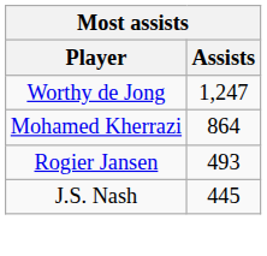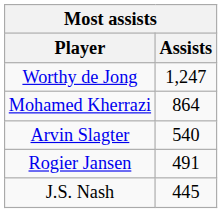 <table class="wikitable" style="text-align:center">
 <tr>
 <th colspan="2" style="text-align:center; ">Most assists</th>
 </tr>
 <tr>
 <th style="text-align:center; ">Player</th>
 <th style="text-align:center; ">Assists</th>
 </tr>
 <tr>
 <td><a href='#'>Worthy de Jong</a></td>
 <td>1,247</td>
 </tr>
 <tr>
 <td><a href='#'>Mohamed Kherrazi</a></td>
 <td>864</td>
 </tr>
 <tr>
+<td><a href='#'>Arvin Slagter</a></td>
+<td>540</td>
+</tr>
+<tr>
 <td><a href='#'>Rogier Jansen</a></td>
-<td>493</td>
+<td>491</td>
 </tr>
 <tr>
 <td>J.S. Nash</td>
 <td>445</td>
 </tr>
 </table>
